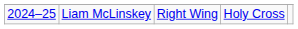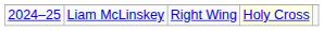 <table class="wikitable sortable">
 <tr>
 </tr>
 <tr align=center>
 <td><a href='#'>2024–25</a></td>
 <td><a href='#'>Liam McLinskey</a></td>
 <td><a href='#'>Right Wing</a></td>
-<td><a href='#'>Holy Cross</a></td>
+<td style="background: lightyellow;"><a href='#'>Holy Cross</a></td>
 <td></td>
 </tr>
 </table>
